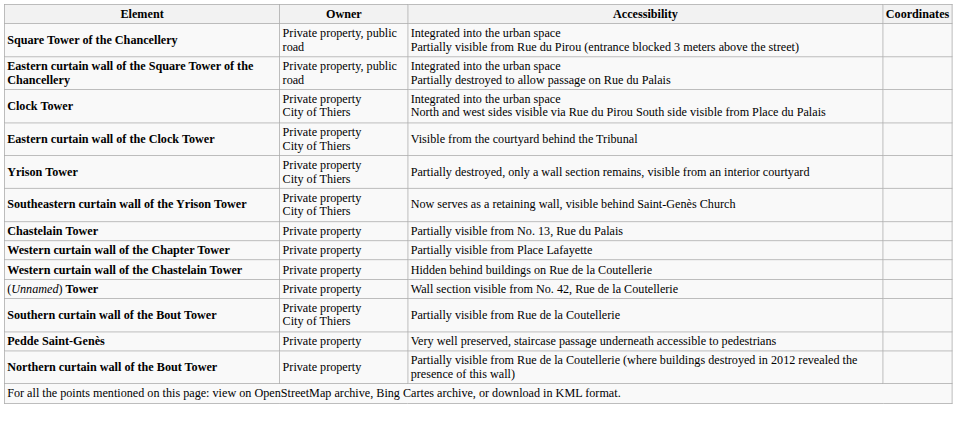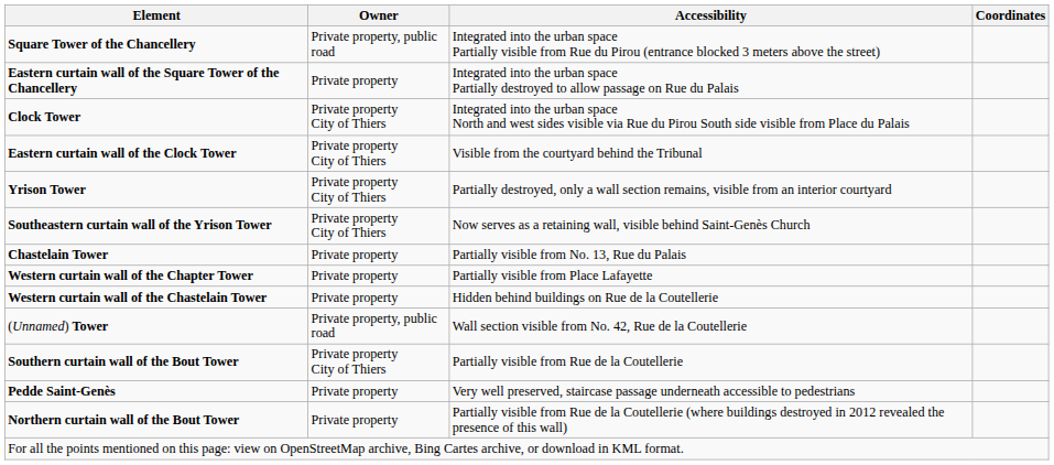 <table class="wikitable mw-collapsible">
 <tr>
 <th>Element</th>
 <th>Owner</th>
 <th>Accessibility</th>
 <th>Coordinates</th>
 </tr>
 <tr>
 <td><strong>Square Tower of the Chancellery</strong></td>
 <td>Private property, public road</td>
 <td>Integrated into the urban space<br>Partially visible from Rue du Pirou (entrance blocked 3 meters above the street)</td>
 <td></td>
 </tr>
 <tr>
 <td><strong>Eastern curtain wall of the Square Tower of the Chancellery</strong></td>
-<td>Private property, public road</td>
+<td>Private property</td>
 <td>Integrated into the urban space<br>Partially destroyed to allow passage on Rue du Palais</td>
 <td></td>
 </tr>
 <tr>
 <td><strong>Clock Tower</strong></td>
 <td>Private property<br>City of Thiers</td>
 <td>Integrated into the urban space<br>North and west sides visible via Rue du Pirou South side visible from Place du Palais</td>
 <td></td>
 </tr>
 <tr>
 <td><strong>Eastern curtain wall of the Clock Tower</strong></td>
 <td>Private property<br>City of Thiers</td>
 <td>Visible from the courtyard behind the Tribunal</td>
 <td></td>
 </tr>
 <tr>
 <td><strong>Yrison Tower</strong></td>
 <td>Private property<br>City of Thiers</td>
 <td>Partially destroyed, only a wall section remains, visible from an interior courtyard</td>
 <td></td>
 </tr>
 <tr>
 <td><strong>Southeastern curtain wall of the Yrison Tower</strong></td>
 <td>Private property<br>City of Thiers</td>
 <td>Now serves as a retaining wall, visible behind Saint-Genès Church</td>
 <td></td>
 </tr>
 <tr>
 <td><strong>Chastelain Tower</strong></td>
 <td>Private property</td>
 <td>Partially visible from No. 13, Rue du Palais</td>
 <td></td>
 </tr>
 <tr>
 <td><strong>Western curtain wall of the Chapter Tower</strong></td>
 <td>Private property</td>
 <td>Partially visible from Place Lafayette</td>
 <td></td>
 </tr>
 <tr>
 <td><strong>Western curtain wall of the Chastelain Tower</strong></td>
 <td>Private property</td>
 <td>Hidden behind buildings on Rue de la Coutellerie</td>
 <td></td>
 </tr>
 <tr>
 <td>(<em>Unnamed</em>) <strong>Tower</strong></td>
-<td>Private property</td>
+<td>Private property, public road</td>
 <td>Wall section visible from No. 42, Rue de la Coutellerie</td>
 <td></td>
 </tr>
 <tr>
 <td><strong>Southern curtain wall of the Bout Tower</strong></td>
 <td>Private property<br>City of Thiers</td>
 <td>Partially visible from Rue de la Coutellerie</td>
 <td></td>
 </tr>
 <tr>
 <td><strong>Pedde Saint-Genès</strong></td>
 <td>Private property</td>
 <td>Very well preserved, staircase passage underneath accessible to pedestrians</td>
 <td></td>
 </tr>
 <tr>
 <td><strong>Northern curtain wall of the Bout Tower</strong></td>
 <td>Private property</td>
 <td>Partially visible from Rue de la Coutellerie (where buildings destroyed in 2012 revealed the presence of this wall)</td>
 <td></td>
 </tr>
 <tr>
 <td colspan="4">For all the points mentioned on this page: view on OpenStreetMap archive, Bing Cartes archive, or download in KML format.</td>
 </tr>
 </table>
